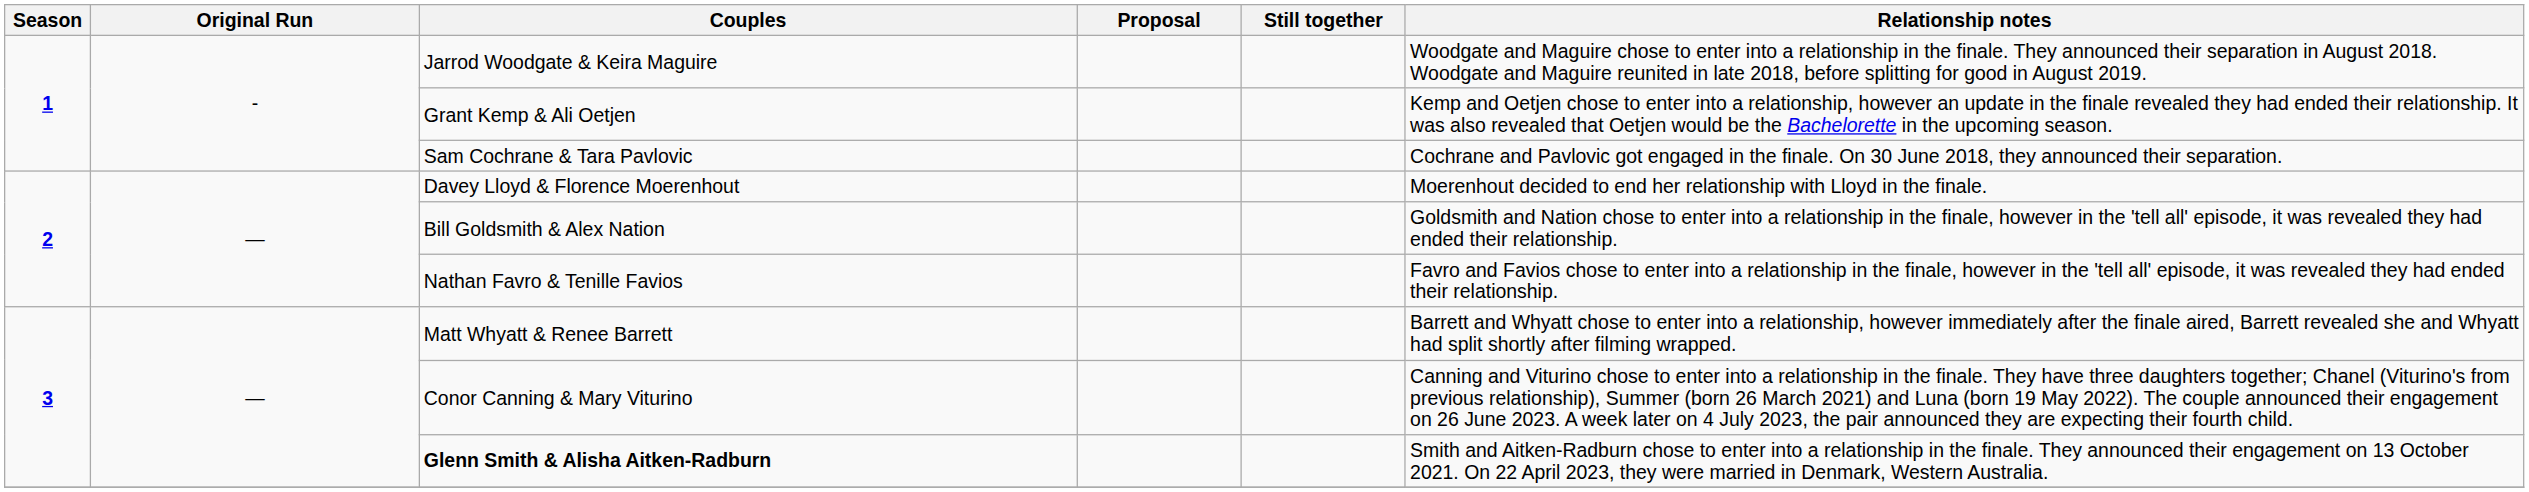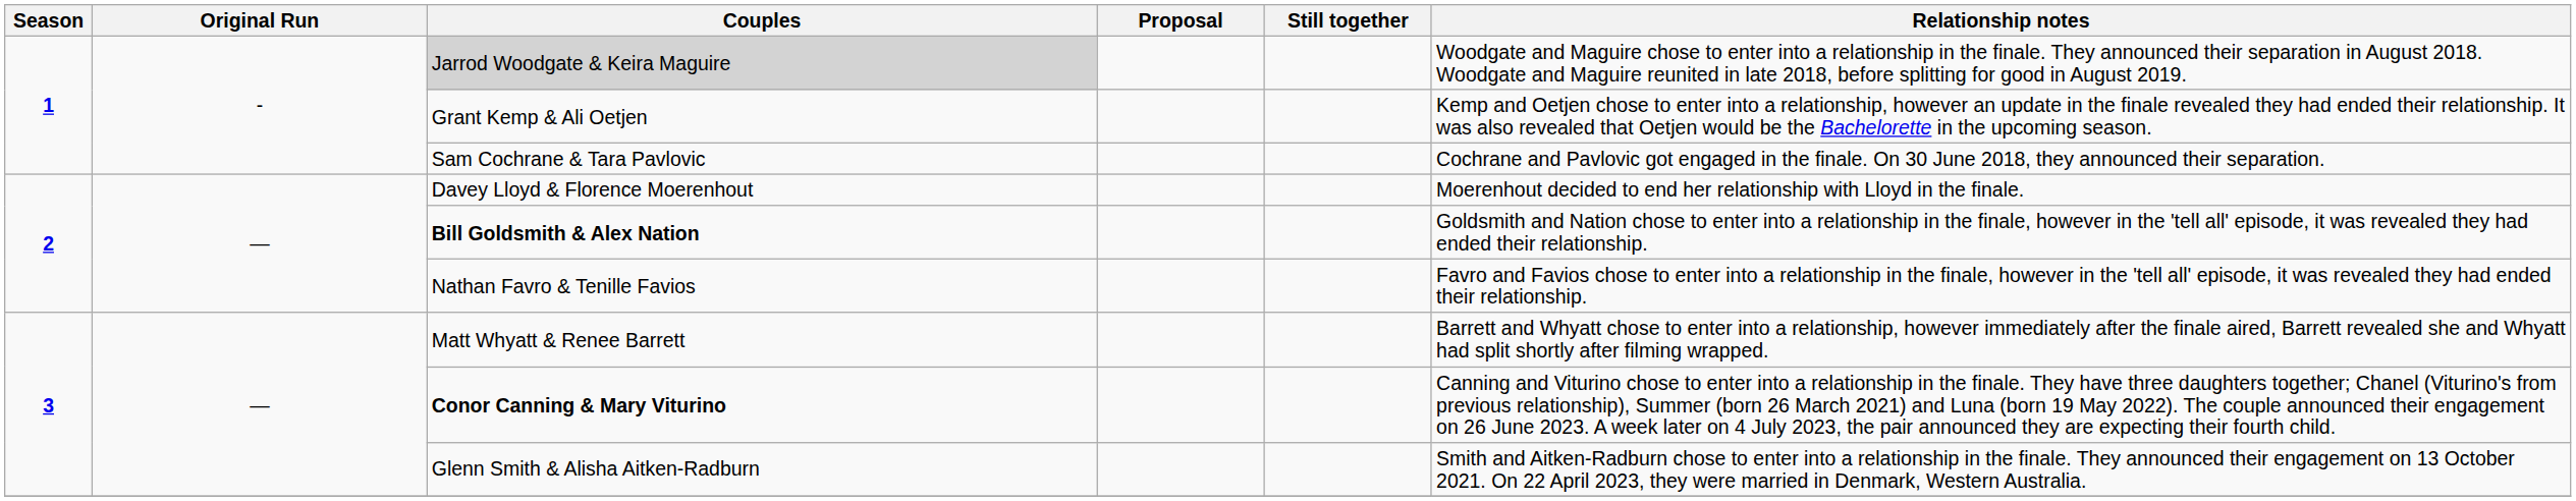 <table class="wikitable plainrowheaders" style="text-align: left; font-size:95%;">
 <tr>
 <th scope="col" style="width:1%;">Season</th>
 <th scope="col" style="width:10%;">Original Run</th>
 <th scope="col" width="20%">Couples</th>
 <th scope="col" width="5%">Proposal</th>
 <th scope="col" width="5%">Still together</th>
 <th scope="col" width="34%">Relationship notes</th>
 </tr>
 <tr>
 <td rowspan="3" style="text-align:center;"><strong><a href='#'>1</a></strong></td>
 <td rowspan="3" style="text-align:center;"> - </td>
-<td>Jarrod Woodgate & Keira Maguire</td>
+<td style="background: lightgrey;">Jarrod Woodgate & Keira Maguire</td>
 <td></td>
 <td></td>
 <td>Woodgate and Maguire chose to enter into a relationship in the finale. They announced their separation in August 2018. Woodgate and Maguire reunited in late 2018, before splitting for good in August 2019.</td>
 </tr>
 <tr>
 <td>Grant Kemp & Ali Oetjen</td>
 <td></td>
 <td></td>
 <td>Kemp and Oetjen chose to enter into a relationship, however an update in the finale revealed they had ended their relationship. It was also revealed that Oetjen would be the <em><a href='#'>Bachelorette</a></em> in the upcoming season.</td>
 </tr>
 <tr>
 <td>Sam Cochrane & Tara Pavlovic</td>
 <td></td>
 <td></td>
 <td>Cochrane and Pavlovic got engaged in the finale. On 30 June 2018, they announced their separation.</td>
 </tr>
 <tr>
 <td rowspan="3" style="text-align:center;"><strong><a href='#'>2</a></strong></td>
 <td rowspan="3" style="text-align:center;"> — </td>
 <td>Davey Lloyd & Florence Moerenhout</td>
 <td></td>
 <td></td>
 <td>Moerenhout decided to end her relationship with Lloyd in the finale.</td>
 </tr>
 <tr>
-<td>Bill Goldsmith & Alex Nation</td>
+<td><strong>Bill Goldsmith & Alex Nation</strong></td>
 <td></td>
 <td></td>
 <td>Goldsmith and Nation chose to enter into a relationship in the finale, however in the 'tell all' episode, it was revealed they had ended their relationship.</td>
 </tr>
 <tr>
 <td>Nathan Favro & Tenille Favios</td>
 <td></td>
 <td></td>
 <td>Favro and Favios chose to enter into a relationship in the finale, however in the 'tell all' episode, it was revealed they had ended their relationship.</td>
 </tr>
 <tr>
 <td rowspan="3" style="text-align:center;"><strong><a href='#'>3</a></strong></td>
 <td rowspan="3" style="text-align:center;"> — </td>
 <td>Matt Whyatt & Renee Barrett</td>
 <td></td>
 <td></td>
 <td>Barrett and Whyatt chose to enter into a relationship, however immediately after the finale aired, Barrett revealed she and Whyatt had split shortly after filming wrapped.</td>
 </tr>
 <tr>
-<td>Conor Canning & Mary Viturino</td>
+<td><strong>Conor Canning & Mary Viturino</strong></td>
 <td></td>
 <td></td>
 <td>Canning and Viturino chose to enter into a relationship in the finale. They have three daughters together; Chanel (Viturino's from previous relationship), Summer (born 26 March 2021) and Luna (born 19 May 2022). The couple announced their engagement on 26 June 2023. A week later on 4 July 2023, the pair announced they are expecting their fourth child.</td>
 </tr>
 <tr>
-<td><strong>Glenn Smith & Alisha Aitken-Radburn</strong></td>
+<td>Glenn Smith & Alisha Aitken-Radburn</td>
 <td></td>
 <td></td>
 <td>Smith and Aitken-Radburn chose to enter into a relationship in the finale. They announced their engagement on 13 October 2021. On 22 April 2023, they were married in Denmark, Western Australia.</td>
 </tr>
 <tr>
 </tr>
 </table>
